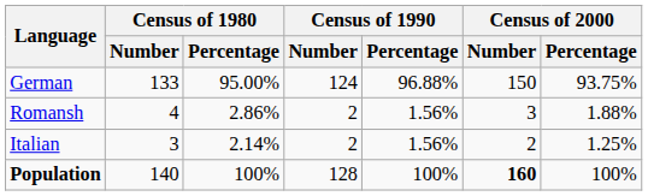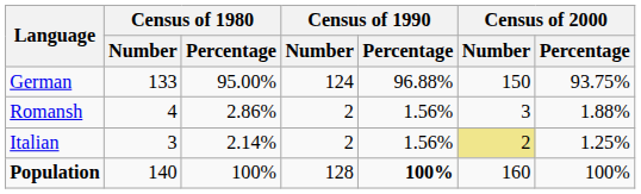 <table class="wikitable">
 <tr ---->
 <th rowspan="2">Language</th>
 <th colspan="2">Census of 1980</th>
 <th colspan="2">Census of 1990</th>
 <th colspan="2">Census of 2000</th>
 </tr>
 <tr ---->
 <th>Number</th>
 <th>Percentage</th>
 <th>Number</th>
 <th>Percentage</th>
 <th>Number</th>
 <th>Percentage</th>
 </tr>
 <tr ---->
 <td><a href='#'>German</a></td>
 <td align=right>133</td>
 <td align=right>95.00%</td>
 <td align=right>124</td>
 <td align=right>96.88%</td>
 <td align=right>150</td>
 <td align=right>93.75%</td>
 </tr>
 <tr ---->
 <td><a href='#'>Romansh</a></td>
 <td align=right>4</td>
 <td align=right>2.86%</td>
 <td align=right>2</td>
 <td align=right>1.56%</td>
 <td align=right>3</td>
 <td align=right>1.88%</td>
 </tr>
 <tr ---->
 <td><a href='#'>Italian</a></td>
 <td align=right>3</td>
 <td align=right>2.14%</td>
 <td align=right>2</td>
 <td align=right>1.56%</td>
-<td align=right>2</td>
+<td align=right style="background: khaki;">2</td>
 <td align=right>1.25%</td>
 </tr>
 <tr ---->
 <td><strong>Population</strong></td>
 <td align=right>140</td>
 <td align=right>100%</td>
 <td align=right>128</td>
-<td align=right>100%</td>
-<td align=right><strong>160</strong></td>
+<td align=right><strong>100%</strong></td>
+<td align=right>160</td>
 <td align=right>100%</td>
 </tr>
 </table>
